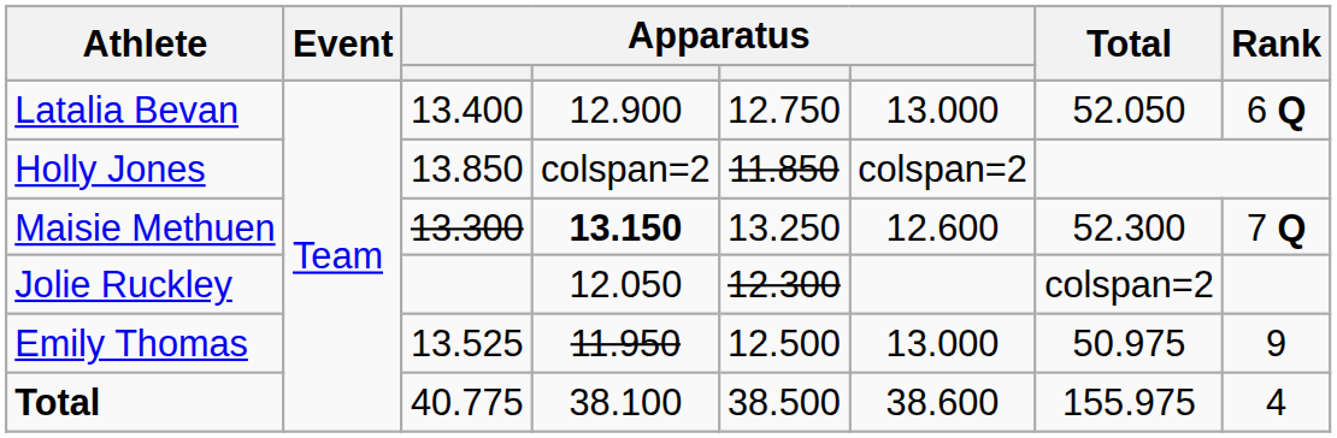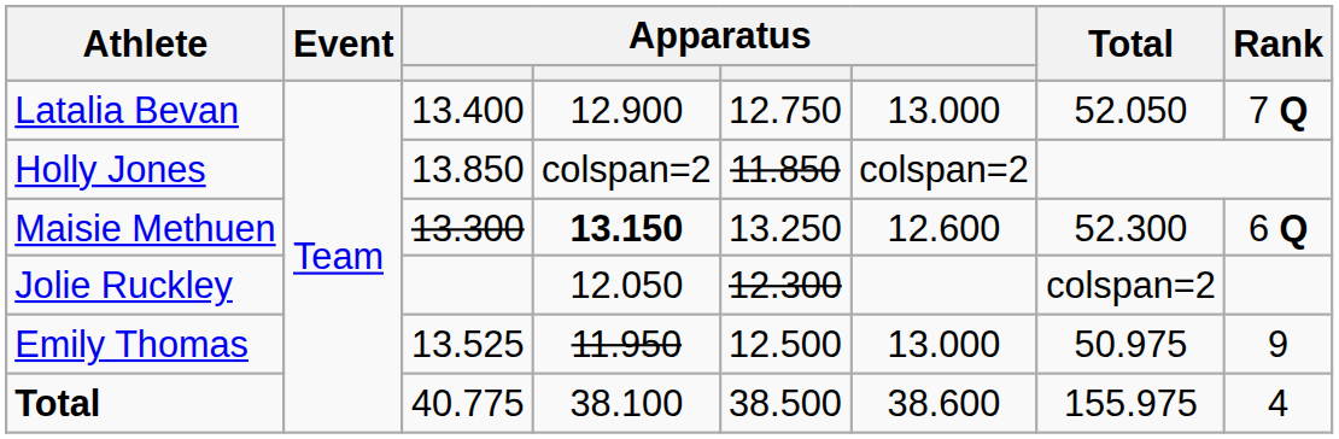 <table class="wikitable" style="font-size:90%">
 <tr>
 <th rowspan=2>Athlete</th>
 <th rowspan=2>Event</th>
 <th colspan=4>Apparatus</th>
 <th rowspan=2>Total</th>
 <th rowspan=2>Rank</th>
 </tr>
 <tr style="font-size:95%">
 <th></th>
 <th></th>
 <th></th>
 <th></th>
 </tr>
 <tr align=center>
 <td align=left><a href='#'>Latalia Bevan</a></td>
 <td align=left rowspan=6><a href='#'>Team</a></td>
 <td>13.400</td>
 <td>12.900</td>
 <td>12.750</td>
 <td>13.000</td>
 <td>52.050</td>
-<td>6 <strong>Q</strong></td>
+<td>7 <strong>Q</strong></td>
 </tr>
 <tr align=center>
 <td align=left><a href='#'>Holly Jones</a></td>
 <td>13.850</td>
 <td>colspan=2 </td>
 <td><s>11.850</s></td>
 <td>colspan=2 </td>
 </tr>
 <tr align=center>
 <td align=left><a href='#'>Maisie Methuen</a></td>
 <td><s>13.300</s></td>
 <td><strong>13.150</strong></td>
 <td>13.250</td>
 <td>12.600</td>
 <td>52.300</td>
-<td>7 <strong>Q</strong></td>
+<td>6 <strong>Q</strong></td>
 </tr>
 <tr align=center>
 <td align=left><a href='#'>Jolie Ruckley</a></td>
 <td></td>
 <td>12.050</td>
 <td><s>12.300</s></td>
 <td></td>
 <td>colspan=2 </td>
 </tr>
 <tr align=center>
 <td align=left><a href='#'>Emily Thomas</a></td>
 <td>13.525</td>
 <td><s>11.950</s></td>
 <td>12.500</td>
 <td>13.000</td>
 <td>50.975</td>
 <td>9</td>
 </tr>
 <tr align=center>
 <td align=left><strong>Total</strong></td>
 <td>40.775</td>
 <td>38.100</td>
 <td>38.500</td>
 <td>38.600</td>
 <td>155.975</td>
 <td>4</td>
 </tr>
 </table>
